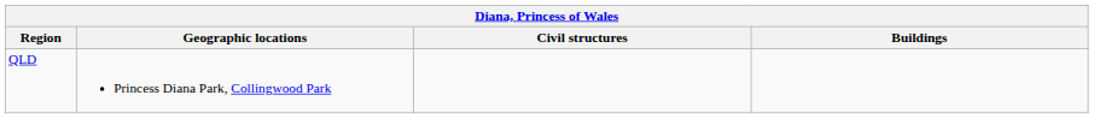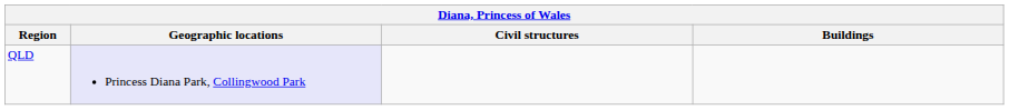 <table class="wikitable" width="100%">
 <tr>
 <th colspan="4"> <a href='#'>Diana, Princess of Wales</a></th>
 </tr>
 <tr>
 <th width="5%">Region</th>
 <th width="23.75%">Geographic locations</th>
 <th width="23.75%">Civil structures</th>
 <th width="23.75%">Buildings</th>
 </tr>
 <tr>
 <td align=left valign=top> <a href='#'>QLD</a></td>
-<td><br><ul><li>Princess Diana Park, <a href='#'>Collingwood Park</a></li></ul></td>
+<td style="background: lavender;"><br><ul><li>Princess Diana Park, <a href='#'>Collingwood Park</a></li></ul></td>
 <td></td>
 <td></td>
 </tr>
 </table>
